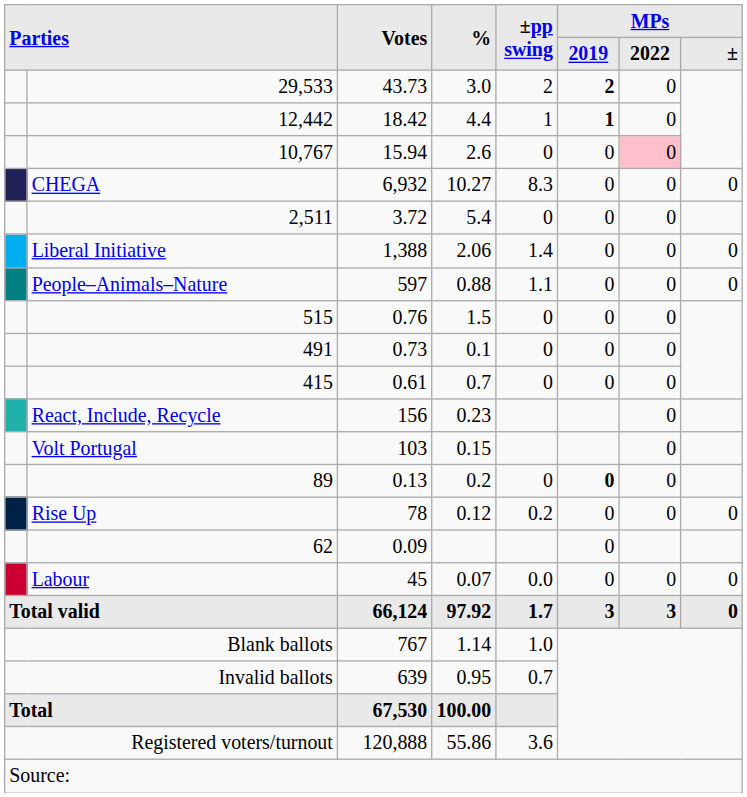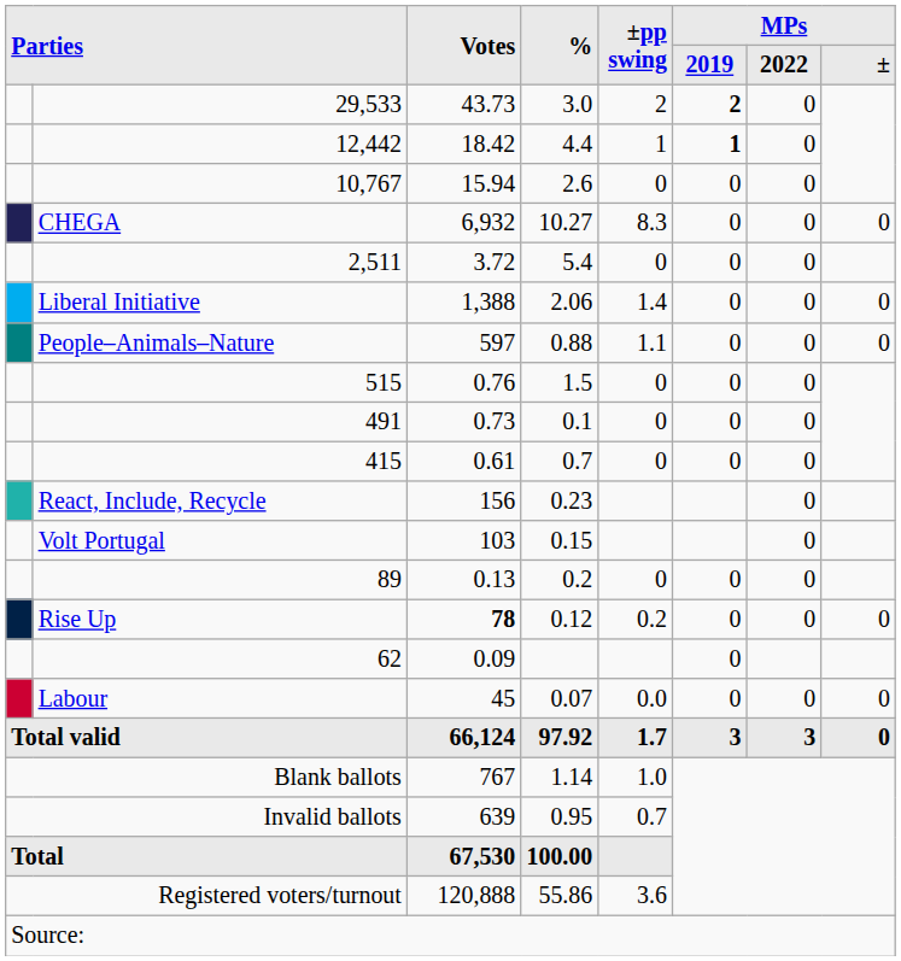 <table class="wikitable" style="text-align:right; font-size:95%;">
 <tr>
 <th rowspan="2" colspan="2" style="background:#e9e9e9; text-align:left;" alignleft><a href='#'>Parties</a></th>
 <th rowspan="2" style="background:#e9e9e9; text-align:right;">Votes</th>
 <th rowspan="2" style="background:#e9e9e9; text-align:right;">%</th>
 <th rowspan="2" style="background:#e9e9e9; text-align:right;">±<a href='#'>pp</a> <a href='#'>swing</a></th>
 <th colspan="3" style="background:#e9e9e9; text-align:center;"><a href='#'>MPs</a></th>
 </tr>
 <tr style="background-color:#E9E9E9">
 <th style="background-color:#E9E9E9;text-align:center;"><a href='#'>2019</a></th>
 <th style="background-color:#E9E9E9;text-align:center;">2022</th>
 <th style="background:#e9e9e9; text-align:right;">±</th>
 </tr>
 <tr>
 <td></td>
 <td>29,533</td>
 <td>43.73</td>
 <td>3.0</td>
 <td>2</td>
 <td><strong>2</strong></td>
 <td>0</td>
 </tr>
 <tr>
 <td></td>
 <td>12,442</td>
 <td>18.42</td>
 <td>4.4</td>
 <td>1</td>
 <td><strong>1</strong></td>
 <td>0</td>
 </tr>
 <tr>
 <td></td>
 <td>10,767</td>
 <td>15.94</td>
 <td>2.6</td>
 <td>0</td>
 <td>0</td>
-<td style="background: pink;">0</td>
+<td>0</td>
 </tr>
 <tr>
 <td style="width: 10px" bgcolor="#202056" align="center"></td>
 <td align="left"><a href='#'>CHEGA</a></td>
 <td>6,932</td>
 <td>10.27</td>
 <td>8.3</td>
 <td>0</td>
 <td>0</td>
 <td>0</td>
 </tr>
 <tr>
 <td></td>
 <td>2,511</td>
 <td>3.72</td>
 <td>5.4</td>
 <td>0</td>
 <td>0</td>
 <td>0</td>
 </tr>
 <tr>
 <td style="width: 10px" bgcolor="#00ADEF" align="center"></td>
 <td align="left"><a href='#'>Liberal Initiative</a></td>
 <td>1,388</td>
 <td>2.06</td>
 <td>1.4</td>
 <td>0</td>
 <td>0</td>
 <td>0</td>
 </tr>
 <tr>
 <td style="width: 10px" bgcolor="teal" align="center"></td>
 <td align="left"><a href='#'>People–Animals–Nature</a></td>
 <td>597</td>
 <td>0.88</td>
 <td>1.1</td>
 <td>0</td>
 <td>0</td>
 <td>0</td>
 </tr>
 <tr>
 <td></td>
 <td>515</td>
 <td>0.76</td>
 <td>1.5</td>
 <td>0</td>
 <td>0</td>
 <td>0</td>
 </tr>
 <tr>
 <td></td>
 <td>491</td>
 <td>0.73</td>
 <td>0.1</td>
 <td>0</td>
 <td>0</td>
 <td>0</td>
 </tr>
 <tr>
 <td></td>
 <td>415</td>
 <td>0.61</td>
 <td>0.7</td>
 <td>0</td>
 <td>0</td>
 <td>0</td>
 </tr>
 <tr>
 <td style="width: 10px" bgcolor="LightSeaGreen" align="center"></td>
 <td align="left"><a href='#'>React, Include, Recycle</a></td>
 <td>156</td>
 <td>0.23</td>
 <td></td>
 <td></td>
 <td>0</td>
 <td></td>
 </tr>
 <tr>
 <td style="width: 10px"></td>
 <td align="left"><a href='#'>Volt Portugal</a></td>
 <td>103</td>
 <td>0.15</td>
 <td></td>
 <td></td>
 <td>0</td>
 <td></td>
 </tr>
 <tr>
 <td></td>
 <td>89</td>
 <td>0.13</td>
 <td>0.2</td>
 <td>0</td>
-<td><strong>0</strong></td>
+<td>0</td>
 <td>0</td>
 </tr>
 <tr>
 <td style="width: 10px" bgcolor="#002147" align="center"></td>
 <td align="left"><a href='#'>Rise Up</a></td>
-<td>78</td>
+<td><strong>78</strong></td>
 <td>0.12</td>
 <td>0.2</td>
 <td>0</td>
 <td>0</td>
 <td>0</td>
 </tr>
 <tr>
 <td></td>
 <td>62</td>
 <td>0.09</td>
 <td></td>
 <td></td>
 <td>0</td>
 <td></td>
 </tr>
 <tr>
 <td style="width: 10px" bgcolor="#CC0033" align="center"></td>
 <td align="left"><a href='#'>Labour</a></td>
 <td>45</td>
 <td>0.07</td>
 <td>0.0</td>
 <td>0</td>
 <td>0</td>
 <td>0</td>
 </tr>
 <tr>
 <td colspan=2 width="247" align=left style="background-color:#E9E9E9"><strong>Total valid</strong></td>
 <td width="65" align="right" style="background-color:#E9E9E9"><strong>66,124</strong></td>
 <td width="40" align="right" style="background-color:#E9E9E9"><strong>97.92</strong></td>
 <td width="40" align="right" style="background-color:#E9E9E9"><strong>1.7</strong></td>
 <td width="40" align="right" style="background-color:#E9E9E9"><strong>3</strong></td>
 <td width="40" align="right" style="background-color:#E9E9E9"><strong>3</strong></td>
 <td width="40" align="right" style="background-color:#E9E9E9"><strong>0</strong></td>
 </tr>
 <tr>
 <td colspan=2>Blank ballots</td>
 <td>767</td>
 <td>1.14</td>
 <td>1.0</td>
 <td colspan=4 rowspan=4></td>
 </tr>
 <tr>
 <td colspan=2>Invalid ballots</td>
 <td>639</td>
 <td>0.95</td>
 <td>0.7</td>
 </tr>
 <tr>
 <td colspan=2 align=left style="background-color:#E9E9E9"><strong>Total</strong></td>
 <td width="50" align="right" style="background-color:#E9E9E9"><strong>67,530</strong></td>
 <td width="40" align="right" style="background-color:#E9E9E9"><strong>100.00</strong></td>
 <td width="40" align="right" style="background-color:#E9E9E9"></td>
 </tr>
 <tr>
 <td colspan=2>Registered voters/turnout</td>
 <td>120,888</td>
 <td>55.86</td>
 <td>3.6</td>
 </tr>
 <tr>
 <td colspan=11 align=left>Source: </td>
 </tr>
 </table>
